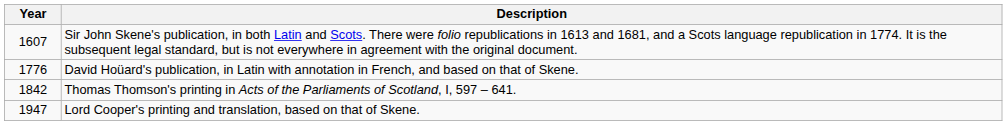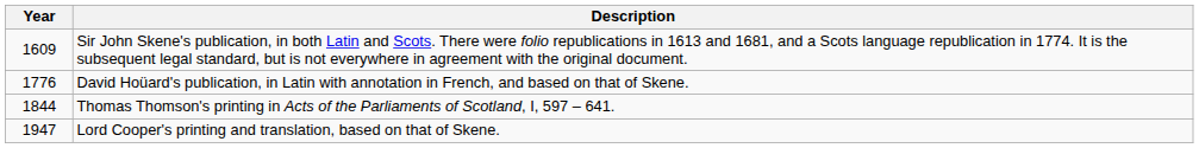 <table class="wikitable" style="text-align:center">
 <tr>
 <th style="width:4em">Year</th>
 <th>Description</th>
 </tr>
 <tr>
-<td>1607</td>
+<td>1609</td>
 <td align=left>Sir John Skene's publication, in both <a href='#'>Latin</a> and <a href='#'>Scots</a>. There were <em>folio</em> republications in 1613 and 1681, and a Scots language republication in 1774. It is the subsequent legal standard, but is not everywhere in agreement with the original document.</td>
 </tr>
 <tr>
 <td>1776</td>
 <td align=left>David Hoüard's publication, in Latin with annotation in French, and based on that of Skene.</td>
 </tr>
 <tr>
-<td>1842</td>
+<td>1844</td>
 <td align=left>Thomas Thomson's printing in <em>Acts of the Parliaments of Scotland</em>, I, 597 – 641.</td>
 </tr>
 <tr>
 <td>1947</td>
 <td align=left>Lord Cooper's printing and translation, based on that of Skene.</td>
 </tr>
 </table>
